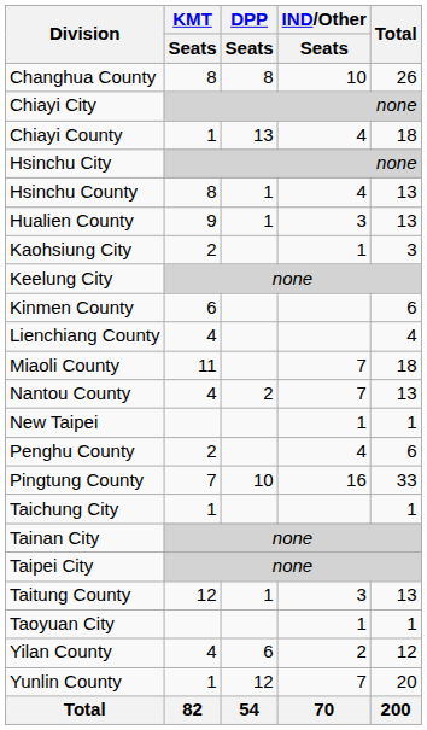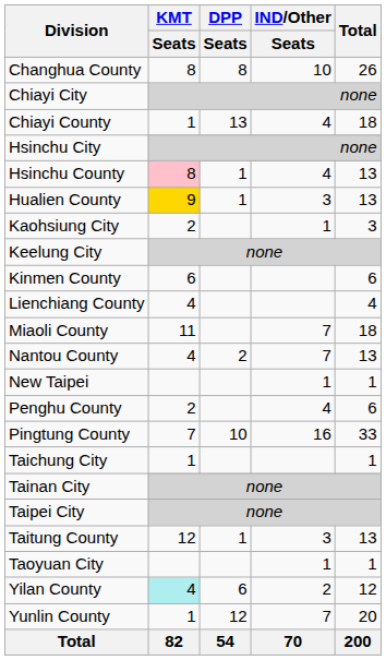 <table class=wikitable style="text-align:right;">
 <tr>
 <th rowspan="2">Division</th>
 <th><a href='#'>KMT</a></th>
 <th><a href='#'>DPP</a></th>
 <th><a href='#'>IND</a>/Other</th>
 <th rowspan="2">Total</th>
 </tr>
 <tr>
 <th>Seats</th>
 <th>Seats</th>
 <th>Seats</th>
 </tr>
 <tr>
 <td align=left>Changhua County</td>
 <td>8</td>
 <td>8</td>
 <td>10</td>
 <td>26</td>
 </tr>
 <tr>
 <td align=left>Chiayi City</td>
 <td colspan="4" bgcolor="lightgrey"><em>none</em></td>
 </tr>
 <tr>
 <td align=left>Chiayi County</td>
 <td>1</td>
 <td>13</td>
 <td>4</td>
 <td>18</td>
 </tr>
 <tr>
 <td align=left>Hsinchu City</td>
 <td colspan="4" bgcolor="lightgrey"><em>none</em></td>
 </tr>
 <tr>
 <td align=left>Hsinchu County</td>
-<td>8</td>
+<td style="background: pink;">8</td>
 <td>1</td>
 <td>4</td>
 <td>13</td>
 </tr>
 <tr>
 <td align=left>Hualien County</td>
-<td>9</td>
+<td style="background: gold;">9</td>
 <td>1</td>
 <td>3</td>
 <td>13</td>
 </tr>
 <tr>
 <td align=left>Kaohsiung City </td>
 <td>2</td>
 <td></td>
 <td>1</td>
 <td>3</td>
 </tr>
 <tr>
 <td align=left>Keelung City</td>
 <td colspan=4 align=center bgcolor="lightgrey"><em>none</em></td>
 </tr>
 <tr>
 <td align=left>Kinmen County</td>
 <td>6</td>
 <td></td>
 <td></td>
 <td>6</td>
 </tr>
 <tr>
 <td align=left>Lienchiang County</td>
 <td>4</td>
 <td></td>
 <td></td>
 <td>4</td>
 </tr>
 <tr>
 <td align=left>Miaoli County</td>
 <td>11</td>
 <td></td>
 <td>7</td>
 <td>18</td>
 </tr>
 <tr>
 <td align=left>Nantou County</td>
 <td>4</td>
 <td>2</td>
 <td>7</td>
 <td>13</td>
 </tr>
 <tr>
 <td align=left>New Taipei </td>
 <td></td>
 <td></td>
 <td>1</td>
 <td>1</td>
 </tr>
 <tr>
 <td align=left>Penghu County</td>
 <td>2</td>
 <td></td>
 <td>4</td>
 <td>6</td>
 </tr>
 <tr>
 <td align=left>Pingtung County</td>
 <td>7</td>
 <td>10</td>
 <td>16</td>
 <td>33</td>
 </tr>
 <tr>
 <td align=left>Taichung City </td>
 <td>1</td>
 <td></td>
 <td></td>
 <td>1</td>
 </tr>
 <tr>
 <td align=left>Tainan City</td>
 <td colspan=4 align=center bgcolor="lightgrey"><em>none</em></td>
 </tr>
 <tr>
 <td align=left>Taipei City</td>
 <td colspan=4 align=center bgcolor="lightgrey"><em>none</em></td>
 </tr>
 <tr>
 <td align=left>Taitung County</td>
 <td>12</td>
 <td>1</td>
 <td>3</td>
 <td>13</td>
 </tr>
 <tr>
 <td align=left>Taoyuan City </td>
 <td></td>
 <td></td>
 <td>1</td>
 <td>1</td>
 </tr>
 <tr>
 <td align=left>Yilan County</td>
-<td>4</td>
+<td style="background: paleturquoise;">4</td>
 <td>6</td>
 <td>2</td>
 <td>12</td>
 </tr>
 <tr>
 <td align=left>Yunlin County</td>
 <td>1</td>
 <td>12</td>
 <td>7</td>
 <td>20</td>
 </tr>
 <tr>
 <th>Total</th>
 <th>82</th>
 <th>54</th>
 <th>70</th>
 <th>200</th>
 </tr>
 </table>
